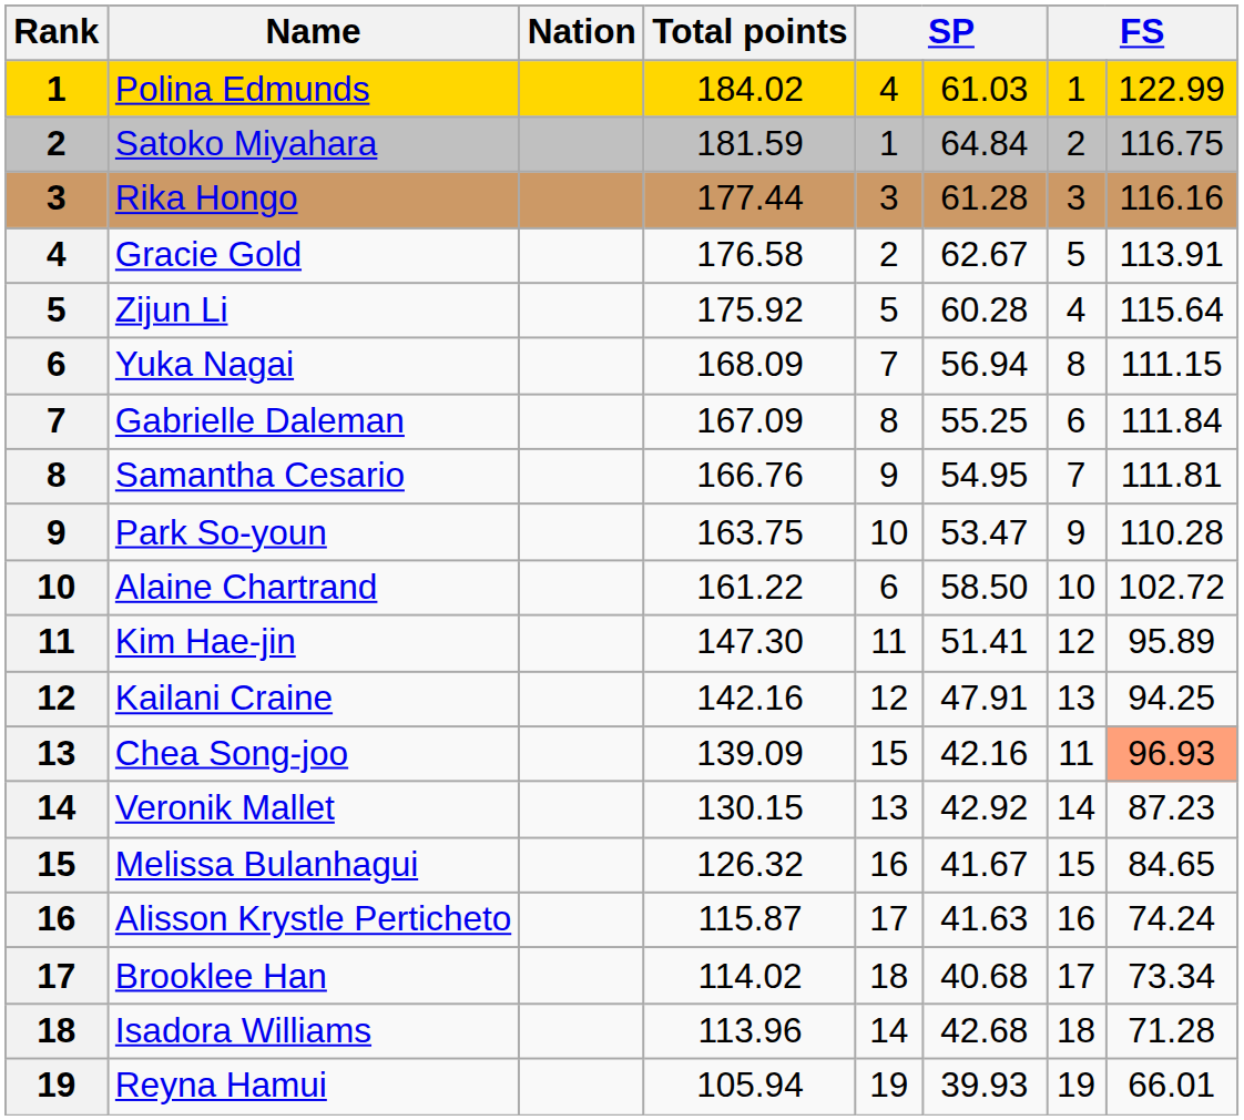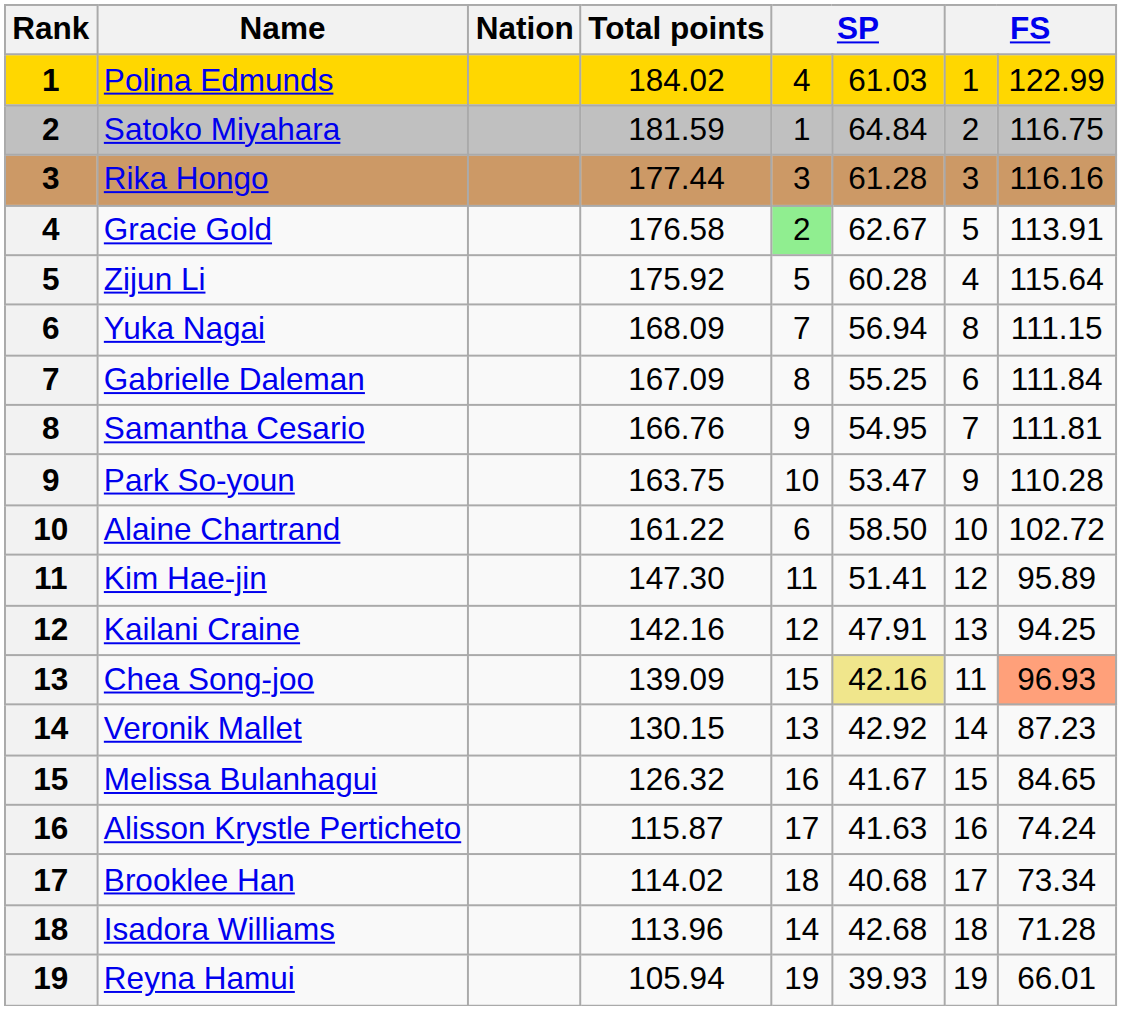 <table class="wikitable sortable">
 <tr>
 <th>Rank</th>
 <th>Name</th>
 <th>Nation</th>
 <th>Total points</th>
 <th colspan="2" width="80px"><a href='#'>SP</a></th>
 <th colspan="2" width="80px"><a href='#'>FS</a></th>
 </tr>
 <tr bgcolor="gold">
 <td align="center"><strong>1</strong></td>
 <td><a href='#'>Polina Edmunds</a></td>
 <td></td>
 <td align="center">184.02</td>
 <td align="center">4</td>
 <td align="center">61.03</td>
 <td align="center">1</td>
 <td align="center">122.99</td>
 </tr>
 <tr bgcolor="silver">
 <td align="center"><strong>2</strong></td>
 <td><a href='#'>Satoko Miyahara</a></td>
 <td></td>
 <td align="center">181.59</td>
 <td align="center">1</td>
 <td align="center">64.84</td>
 <td align="center">2</td>
 <td align="center">116.75</td>
 </tr>
 <tr bgcolor="#cc9966">
 <td align="center"><strong>3</strong></td>
 <td><a href='#'>Rika Hongo</a></td>
 <td></td>
 <td align="center">177.44</td>
 <td align="center">3</td>
 <td align="center">61.28</td>
 <td align="center">3</td>
 <td align="center">116.16</td>
 </tr>
 <tr>
 <th>4</th>
 <td><a href='#'>Gracie Gold</a></td>
 <td></td>
 <td align="center">176.58</td>
-<td align="center">2</td>
+<td align="center" style="background: lightgreen;">2</td>
 <td align="center">62.67</td>
 <td align="center">5</td>
 <td align="center">113.91</td>
 </tr>
 <tr>
 <th>5</th>
 <td><a href='#'>Zijun Li</a></td>
 <td></td>
 <td align="center">175.92</td>
 <td align="center">5</td>
 <td align="center">60.28</td>
 <td align="center">4</td>
 <td align="center">115.64</td>
 </tr>
 <tr>
 <th>6</th>
 <td><a href='#'>Yuka Nagai</a></td>
 <td></td>
 <td align="center">168.09</td>
 <td align="center">7</td>
 <td align="center">56.94</td>
 <td align="center">8</td>
 <td align="center">111.15</td>
 </tr>
 <tr>
 <th>7</th>
 <td><a href='#'>Gabrielle Daleman</a></td>
 <td></td>
 <td align="center">167.09</td>
 <td align="center">8</td>
 <td align="center">55.25</td>
 <td align="center">6</td>
 <td align="center">111.84</td>
 </tr>
 <tr>
 <th>8</th>
 <td><a href='#'>Samantha Cesario</a></td>
 <td></td>
 <td align="center">166.76</td>
 <td align="center">9</td>
 <td align="center">54.95</td>
 <td align="center">7</td>
 <td align="center">111.81</td>
 </tr>
 <tr>
 <th>9</th>
 <td><a href='#'>Park So-youn</a></td>
 <td></td>
 <td align="center">163.75</td>
 <td align="center">10</td>
 <td align="center">53.47</td>
 <td align="center">9</td>
 <td align="center">110.28</td>
 </tr>
 <tr>
 <th>10</th>
 <td><a href='#'>Alaine Chartrand</a></td>
 <td></td>
 <td align="center">161.22</td>
 <td align="center">6</td>
 <td align="center">58.50</td>
 <td align="center">10</td>
 <td align="center">102.72</td>
 </tr>
 <tr>
 <th>11</th>
 <td><a href='#'>Kim Hae-jin</a></td>
 <td></td>
 <td align="center">147.30</td>
 <td align="center">11</td>
 <td align="center">51.41</td>
 <td align="center">12</td>
 <td align="center">95.89</td>
 </tr>
 <tr>
 <th>12</th>
 <td><a href='#'>Kailani Craine</a></td>
 <td></td>
 <td align="center">142.16</td>
 <td align="center">12</td>
 <td align="center">47.91</td>
 <td align="center">13</td>
 <td align="center">94.25</td>
 </tr>
 <tr>
 <th>13</th>
 <td><a href='#'>Chea Song-joo</a></td>
 <td></td>
 <td align="center">139.09</td>
 <td align="center">15</td>
-<td align="center">42.16</td>
+<td align="center" style="background: khaki;">42.16</td>
 <td align="center">11</td>
 <td align="center" style="background: lightsalmon;">96.93</td>
 </tr>
 <tr>
 <th>14</th>
 <td><a href='#'>Veronik Mallet</a></td>
 <td></td>
 <td align="center">130.15</td>
 <td align="center">13</td>
 <td align="center">42.92</td>
 <td align="center">14</td>
 <td align="center">87.23</td>
 </tr>
 <tr>
 <th>15</th>
 <td><a href='#'>Melissa Bulanhagui</a></td>
 <td></td>
 <td align="center">126.32</td>
 <td align="center">16</td>
 <td align="center">41.67</td>
 <td align="center">15</td>
 <td align="center">84.65</td>
 </tr>
 <tr>
 <th>16</th>
 <td><a href='#'>Alisson Krystle Perticheto</a></td>
 <td></td>
 <td align="center">115.87</td>
 <td align="center">17</td>
 <td align="center">41.63</td>
 <td align="center">16</td>
 <td align="center">74.24</td>
 </tr>
 <tr>
 <th>17</th>
 <td><a href='#'>Brooklee Han</a></td>
 <td></td>
 <td align="center">114.02</td>
 <td align="center">18</td>
 <td align="center">40.68</td>
 <td align="center">17</td>
 <td align="center">73.34</td>
 </tr>
 <tr>
 <th>18</th>
 <td><a href='#'>Isadora Williams</a></td>
 <td></td>
 <td align="center">113.96</td>
 <td align="center">14</td>
 <td align="center">42.68</td>
 <td align="center">18</td>
 <td align="center">71.28</td>
 </tr>
 <tr>
 <th>19</th>
 <td><a href='#'>Reyna Hamui</a></td>
 <td></td>
 <td align="center">105.94</td>
 <td align="center">19</td>
 <td align="center">39.93</td>
 <td align="center">19</td>
 <td align="center">66.01</td>
 </tr>
 </table>
